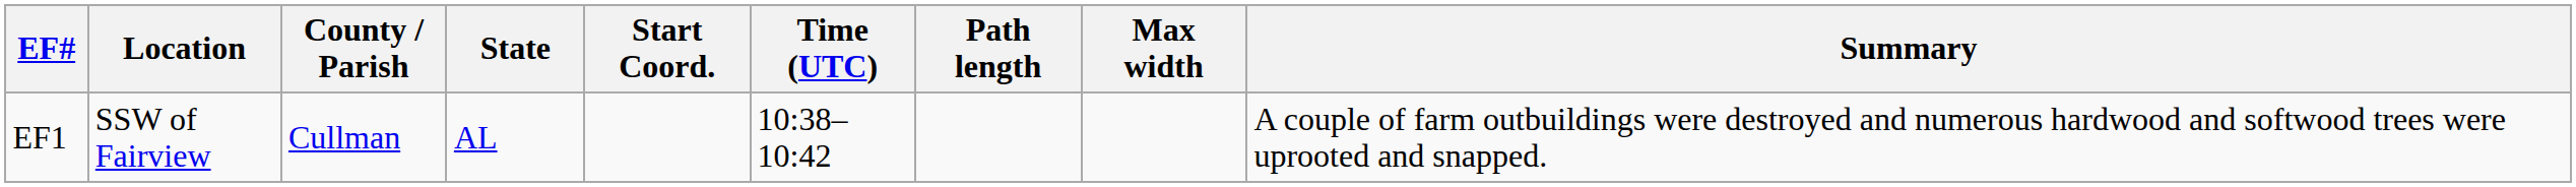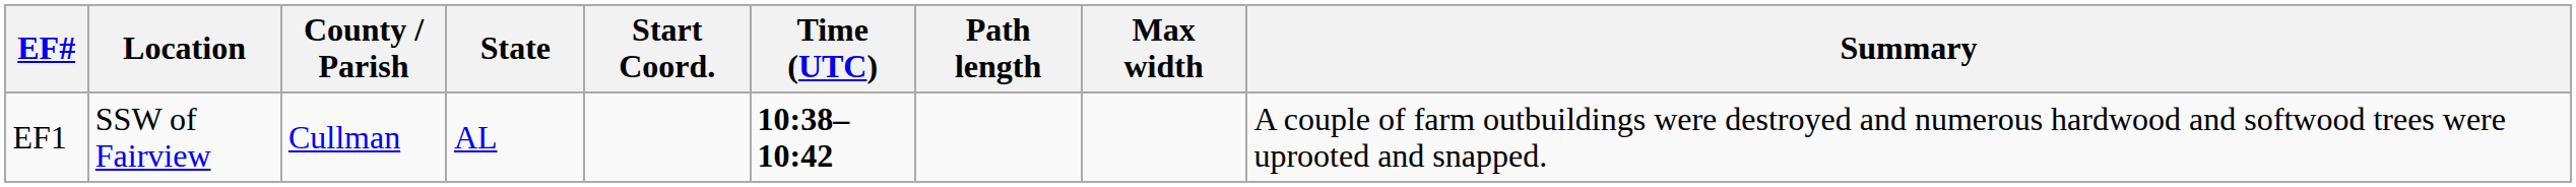 <table class="wikitable sortable" style="width:100%;">
 <tr>
 <th scope="col"  style="width:3%; text-align:center;"><a href='#'>EF#</a></th>
 <th scope="col"  style="width:7%; text-align:center;" class="unsortable">Location</th>
 <th scope="col"  style="width:6%; text-align:center;" class="unsortable">County / Parish</th>
 <th scope="col"  style="width:5%; text-align:center;">State</th>
 <th scope="col"  style="width:6%; text-align:center;">Start Coord.</th>
 <th scope="col"  style="width:6%; text-align:center;">Time (<a href='#'>UTC</a>)</th>
 <th scope="col"  style="width:6%; text-align:center;">Path length</th>
 <th scope="col"  style="width:6%; text-align:center;">Max width</th>
 <th scope="col" class="unsortable" style="width:48%; text-align:center;">Summary</th>
 </tr>
 <tr>
 <td>EF1</td>
 <td>SSW of <a href='#'>Fairview</a></td>
 <td><a href='#'>Cullman</a></td>
 <td><a href='#'>AL</a></td>
 <td></td>
-<td>10:38–10:42</td>
+<td><strong>10:38–10:42</strong></td>
 <td></td>
 <td></td>
 <td>A couple of farm outbuildings were destroyed and numerous hardwood and softwood trees were uprooted and snapped.</td>
 </tr>
 <tr>
 </tr>
 </table>
